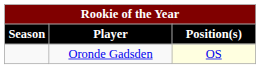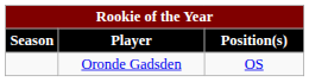 <table class="wikitable sortable" style="text-align:center">
 <tr>
 <td colspan="4" style="background:maroon; color:white;"><strong>Rookie of the Year</strong></td>
 </tr>
 <tr>
 <th style="width:50px; background:black; color:white;">Season</th>
 <th style="width:150px; background:black; color:white;">Player</th>
 <th style="width:100px; background:black; color:white;">Position(s)</th>
 </tr>
 <tr>
 <td></td>
 <td><a href='#'>Oronde Gadsden</a></td>
-<td style="background: lightyellow;"><a href='#'>OS</a></td>
+<td><a href='#'>OS</a></td>
 </tr>
 </table>
